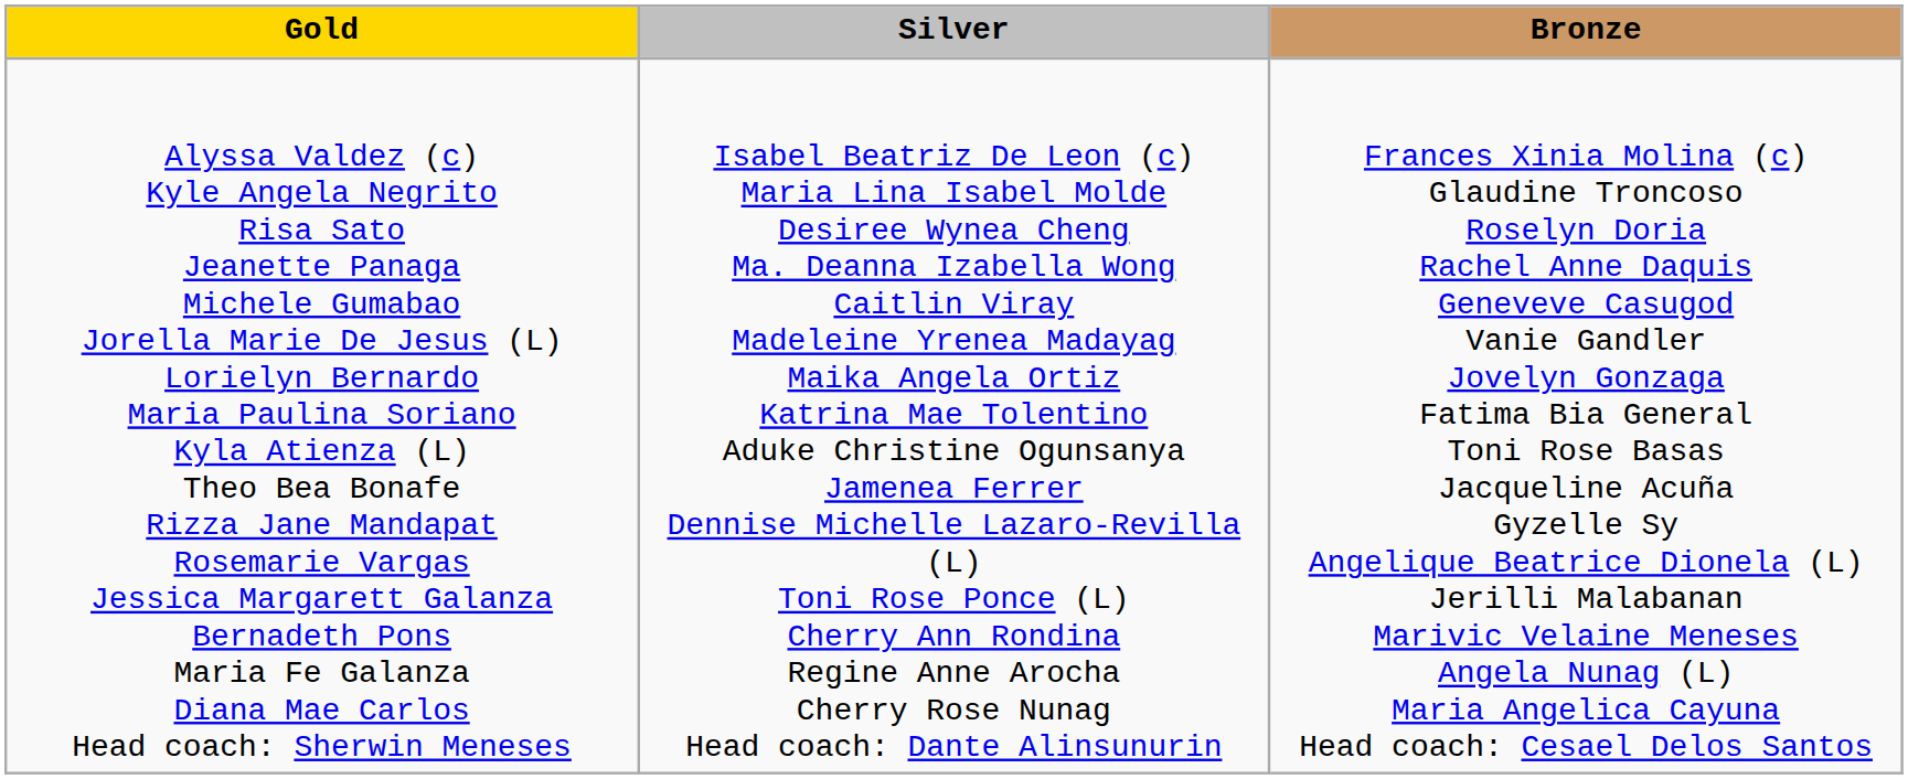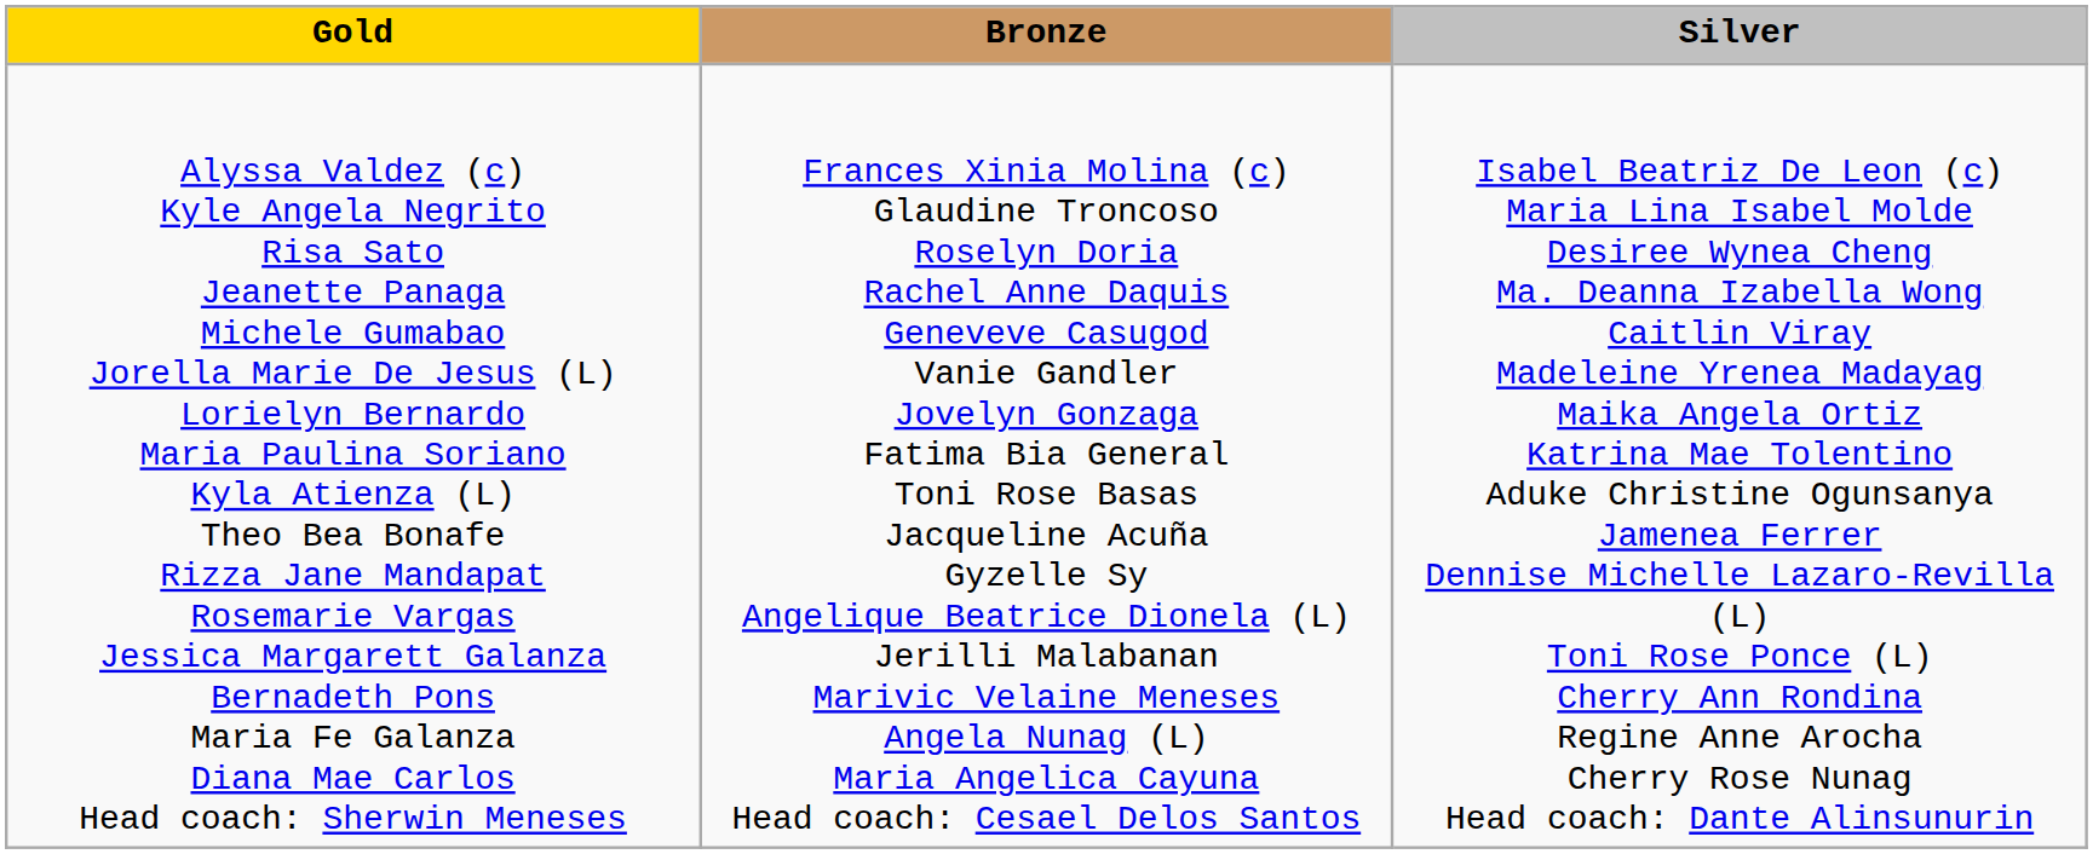 <table class="wikitable" style="text-align:center; font-size:90%">
 <tr>
 <th style="width:20em; background:gold">Gold</th>
+<th style="width:20em; background:#cc9966">Bronze</th>
 <th style="width:20em; background:silver">Silver</th>
-<th style="width:20em; background:#cc9966">Bronze</th>
 </tr>
 <tr>
 <td><br><br><a href='#'>Alyssa Valdez</a> (<a href='#'>c</a>)<br> <a href='#'>Kyle Angela Negrito</a><br> <a href='#'>Risa Sato</a><br> <a href='#'>Jeanette Panaga</a><br> <a href='#'>Michele Gumabao</a><br> <a href='#'>Jorella Marie De Jesus</a> (L)<br> <a href='#'>Lorielyn Bernardo</a><br> <a href='#'>Maria Paulina Soriano</a><br> <a href='#'>Kyla Atienza</a> (L)<br> Theo Bea Bonafe<br> <a href='#'>Rizza Jane Mandapat</a><br> <a href='#'>Rosemarie Vargas</a><br> <a href='#'>Jessica Margarett Galanza</a><br> <a href='#'>Bernadeth Pons</a><br> Maria Fe Galanza<br> <a href='#'>Diana Mae Carlos</a><br>Head coach: <a href='#'>Sherwin Meneses</a></td>
+<td><br><br><a href='#'>Frances Xinia Molina</a> (<a href='#'>c</a>)<br> Glaudine Troncoso<br> <a href='#'>Roselyn Doria</a><br> <a href='#'>Rachel Anne Daquis</a><br> <a href='#'>Geneveve Casugod</a><br> Vanie Gandler<br> <a href='#'>Jovelyn Gonzaga</a><br> Fatima Bia General<br> Toni Rose Basas<br> Jacqueline Acuña<br> Gyzelle Sy<br> <a href='#'>Angelique Beatrice Dionela</a> (L)<br> Jerilli Malabanan<br> <a href='#'>Marivic Velaine Meneses</a><br> <a href='#'>Angela Nunag</a> (L)<br> <a href='#'>Maria Angelica Cayuna</a><br>Head coach: <a href='#'>Cesael Delos Santos</a></td>
 <td><br><br><a href='#'>Isabel Beatriz De Leon</a> (<a href='#'>c</a>)<br> <a href='#'>Maria Lina Isabel Molde</a><br> <a href='#'>Desiree Wynea Cheng</a><br> <a href='#'>Ma. Deanna Izabella Wong</a><br> <a href='#'>Caitlin Viray</a><br> <a href='#'>Madeleine Yrenea Madayag</a><br> <a href='#'>Maika Angela Ortiz</a><br> <a href='#'>Katrina Mae Tolentino</a><br> Aduke Christine Ogunsanya<br> <a href='#'>Jamenea Ferrer</a><br> <a href='#'>Dennise Michelle Lazaro-Revilla</a> (L)<br> <a href='#'>Toni Rose Ponce</a> (L)<br> <a href='#'>Cherry Ann Rondina</a><br> Regine Anne Arocha<br> Cherry Rose Nunag<br>Head coach: <a href='#'>Dante Alinsunurin</a></td>
-<td><br><br><a href='#'>Frances Xinia Molina</a> (<a href='#'>c</a>)<br> Glaudine Troncoso<br> <a href='#'>Roselyn Doria</a><br> <a href='#'>Rachel Anne Daquis</a><br> <a href='#'>Geneveve Casugod</a><br> Vanie Gandler<br> <a href='#'>Jovelyn Gonzaga</a><br> Fatima Bia General<br> Toni Rose Basas<br> Jacqueline Acuña<br> Gyzelle Sy<br> <a href='#'>Angelique Beatrice Dionela</a> (L)<br> Jerilli Malabanan<br> <a href='#'>Marivic Velaine Meneses</a><br> <a href='#'>Angela Nunag</a> (L)<br> <a href='#'>Maria Angelica Cayuna</a><br>Head coach: <a href='#'>Cesael Delos Santos</a></td>
 </tr>
 </table>
